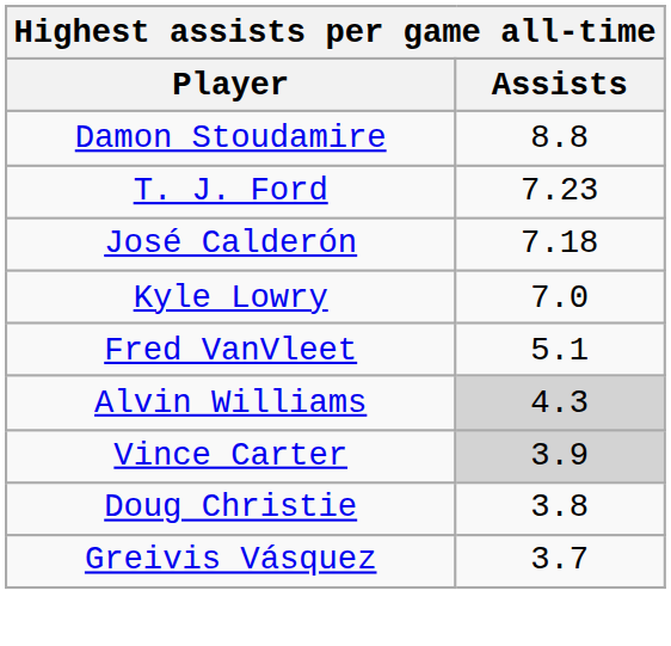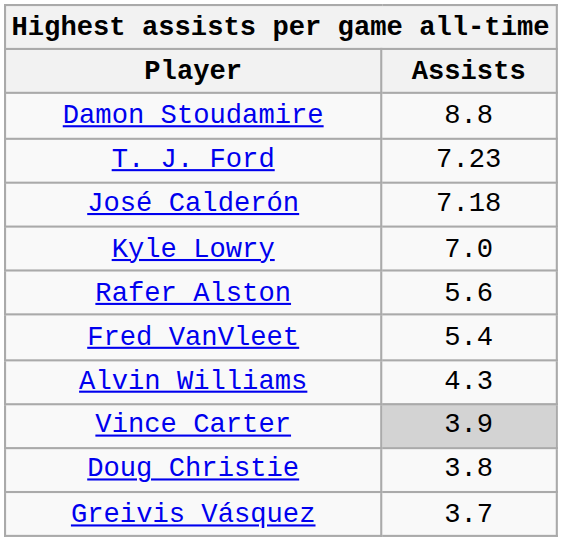 <table class="wikitable sortable" style="text-align:center">
 <tr>
 <th colspan="2">Highest assists per game all-time</th>
 </tr>
 <tr>
 <th>Player</th>
 <th>Assists</th>
 </tr>
 <tr>
 <td><a href='#'>Damon Stoudamire</a></td>
 <td>8.8</td>
 </tr>
 <tr>
 <td><a href='#'>T. J. Ford</a></td>
 <td>7.23</td>
 </tr>
 <tr>
 <td><a href='#'>José Calderón</a></td>
 <td>7.18</td>
 </tr>
 <tr>
 <td><a href='#'>Kyle Lowry</a></td>
 <td>7.0</td>
 </tr>
 <tr>
+<td><a href='#'>Rafer Alston</a></td>
+<td>5.6</td>
+</tr>
+<tr>
 <td><a href='#'>Fred VanVleet</a></td>
-<td>5.1</td>
+<td>5.4</td>
 </tr>
 <tr>
 <td><a href='#'>Alvin Williams</a></td>
-<td style="background: lightgrey;">4.3</td>
+<td>4.3</td>
 </tr>
 <tr>
 <td><a href='#'>Vince Carter</a></td>
 <td style="background: lightgrey;">3.9</td>
 </tr>
 <tr>
 <td><a href='#'>Doug Christie</a></td>
 <td>3.8</td>
 </tr>
 <tr>
 <td><a href='#'>Greivis Vásquez</a></td>
 <td>3.7</td>
 </tr>
 </table>
